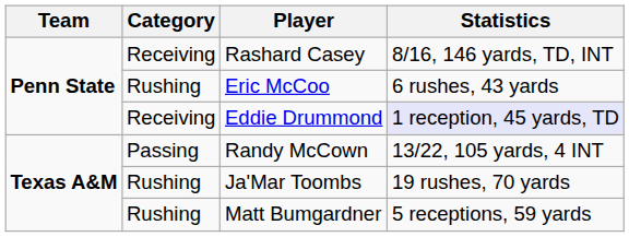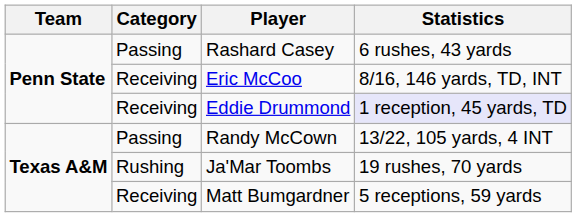 <table class="wikitable" style="float: right;">
 <tr>
 <th>Team</th>
 <th>Category</th>
 <th>Player</th>
 <th>Statistics</th>
 </tr>
 <tr>
 <td rowspan=3><strong>Penn State</strong></td>
-<td>Receiving</td>
+<td>Passing</td>
 <td>Rashard Casey</td>
-<td>8/16, 146 yards, TD, INT</td>
+<td>6 rushes, 43 yards</td>
 </tr>
 <tr>
-<td>Rushing</td>
+<td>Receiving</td>
 <td><a href='#'>Eric McCoo</a></td>
-<td>6 rushes, 43 yards</td>
+<td>8/16, 146 yards, TD, INT</td>
 </tr>
 <tr>
 <td>Receiving</td>
 <td><a href='#'>Eddie Drummond</a></td>
 <td style="background: lavender;">1 reception, 45 yards, TD</td>
 </tr>
 <tr>
 <td rowspan=3><strong>Texas A&M</strong></td>
 <td>Passing</td>
 <td>Randy McCown</td>
 <td>13/22, 105 yards, 4 INT</td>
 </tr>
 <tr>
 <td>Rushing</td>
 <td>Ja'Mar Toombs</td>
 <td>19 rushes, 70 yards</td>
 </tr>
 <tr>
-<td>Rushing</td>
+<td>Receiving</td>
 <td>Matt Bumgardner</td>
 <td>5 receptions, 59 yards</td>
 </tr>
 </table>
